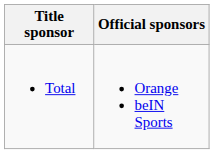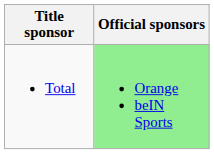 <table class="wikitable" style="width:25%;">
 <tr>
 <th>Title sponsor</th>
 <th>Official sponsors</th>
 </tr>
 <tr>
 <td style="vertical-align:top;"><br><ul><li><a href='#'>Total</a></li></ul></td>
-<td style="vertical-align:top;"><br><ul><li><a href='#'>Orange</a></li><li><a href='#'>beIN Sports</a></li></ul></td>
+<td style="background: lightgreen; vertical-align:top;"><br><ul><li><a href='#'>Orange</a></li><li><a href='#'>beIN Sports</a></li></ul></td>
 </tr>
 </table>
